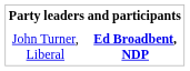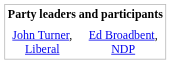 <table style="border: solid 1px #bbb; margin: 0 0 0 1.4em; float:right; font-size:90%; text-align:center">
 <tr>
 <th colspan="3">Party leaders and participants</th>
 </tr>
 <tr>
 <td></td>
 <td></td>
 <td></td>
 </tr>
 <tr>
 <td><a href='#'>John Turner</a>, <br><a href='#'>Liberal</a></td>
 <td></td>
-<td><strong><a href='#'>Ed Broadbent</a>, <br> <a href='#'>NDP</a></strong></td>
+<td><a href='#'>Ed Broadbent</a>, <br> <a href='#'>NDP</a></td>
 </tr>
 </table>
